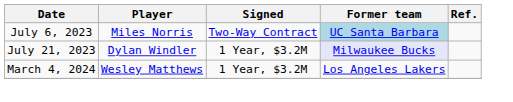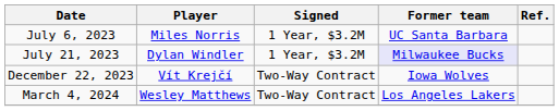 <table class="wikitable sortable sortable" style="text-align: center">
 <tr>
 <th>Date</th>
 <th>Player</th>
 <th>Signed</th>
 <th>Former team</th>
 <th>Ref.</th>
 </tr>
 <tr>
 <td>July 6, 2023</td>
 <td><a href='#'>Miles Norris</a></td>
-<td><a href='#'>Two-Way Contract</a></td>
-<td style="background: lightblue;"><a href='#'>UC Santa Barbara</a><br></td>
+<td>1 Year, $3.2M</td>
+<td><a href='#'>UC Santa Barbara</a><br></td>
 <td></td>
 </tr>
 <tr>
 <td>July 21, 2023</td>
 <td><a href='#'>Dylan Windler</a></td>
 <td>1 Year, $3.2M</td>
 <td style="background: lavender;"><a href='#'>Milwaukee Bucks</a></td>
 <td></td>
 </tr>
 <tr>
+<td>December 22, 2023</td>
+<td><a href='#'>Vít Krejčí</a></td>
+<td>Two-Way Contract</td>
+<td><a href='#'>Iowa Wolves</a></td>
+<td></td>
+</tr>
+<tr>
 <td>March 4, 2024</td>
 <td><a href='#'>Wesley Matthews</a></td>
-<td>1 Year, $3.2M</td>
+<td>Two-Way Contract</td>
 <td><a href='#'>Los Angeles Lakers</a></td>
 <td></td>
 </tr>
 <tr>
 </tr>
 </table>
